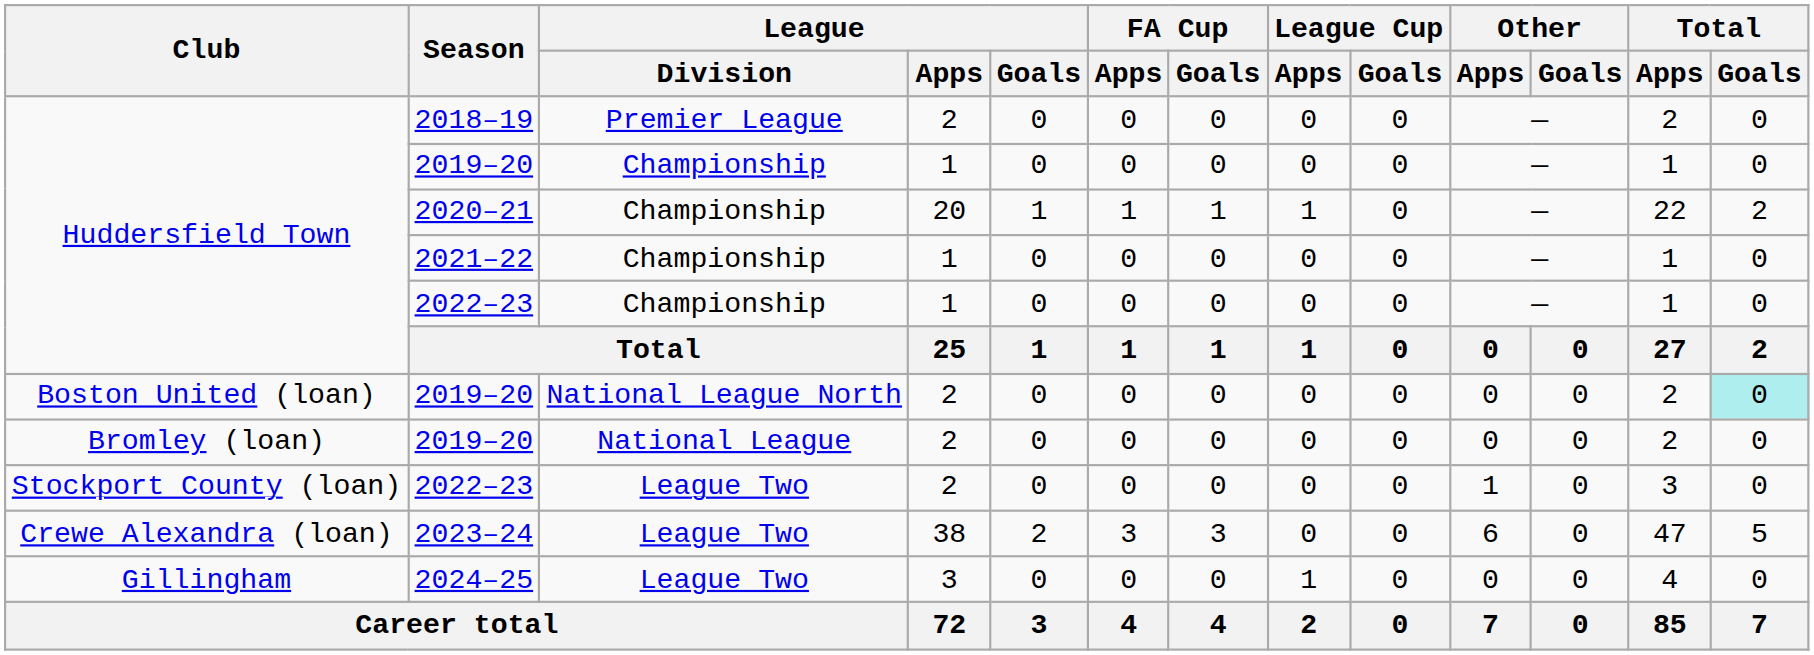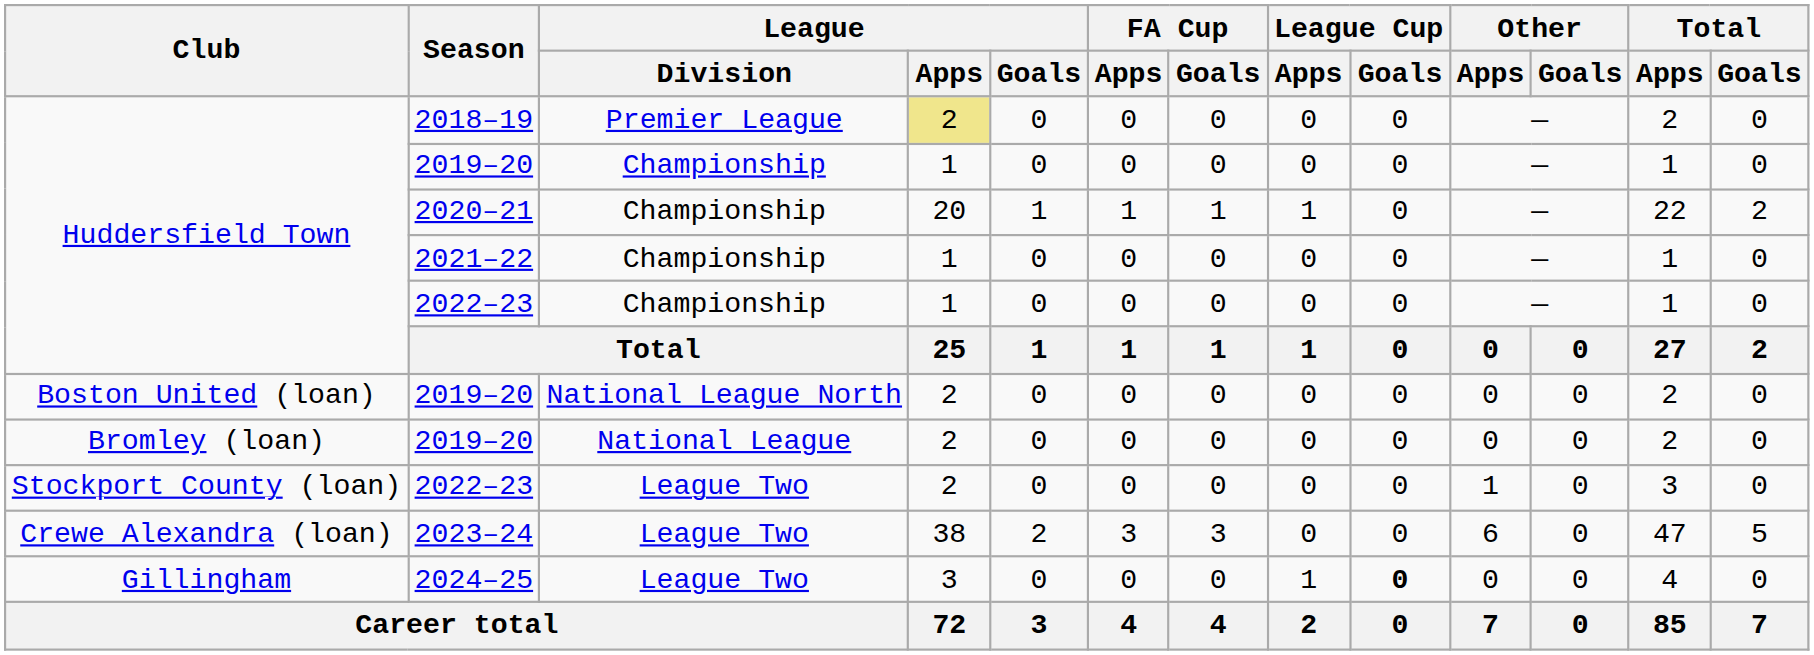 <table class="wikitable" style="text-align: center;">
 <tr>
 <th rowspan="2">Club</th>
 <th rowspan="2">Season</th>
 <th colspan="3">League</th>
 <th colspan="2">FA Cup</th>
 <th colspan="2">League Cup</th>
 <th colspan="2">Other</th>
 <th colspan="2">Total</th>
 </tr>
 <tr>
 <th>Division</th>
 <th>Apps</th>
 <th>Goals</th>
 <th>Apps</th>
 <th>Goals</th>
 <th>Apps</th>
 <th>Goals</th>
 <th>Apps</th>
 <th>Goals</th>
 <th>Apps</th>
 <th>Goals</th>
 </tr>
 <tr>
 <td rowspan=6><a href='#'>Huddersfield Town</a></td>
 <td><a href='#'>2018–19</a></td>
 <td><a href='#'>Premier League</a></td>
-<td>2</td>
+<td style="background: khaki;">2</td>
 <td>0</td>
 <td>0</td>
 <td>0</td>
 <td>0</td>
 <td>0</td>
 <td colspan="2">—</td>
 <td>2</td>
 <td>0</td>
 </tr>
 <tr>
 <td><a href='#'>2019–20</a></td>
 <td><a href='#'>Championship</a></td>
 <td>1</td>
 <td>0</td>
 <td>0</td>
 <td>0</td>
 <td>0</td>
 <td>0</td>
 <td colspan="2">—</td>
 <td>1</td>
 <td>0</td>
 </tr>
 <tr>
 <td><a href='#'>2020–21</a></td>
 <td>Championship</td>
 <td>20</td>
 <td>1</td>
 <td>1</td>
 <td>1</td>
 <td>1</td>
 <td>0</td>
 <td colspan="2">—</td>
 <td>22</td>
 <td>2</td>
 </tr>
 <tr>
 <td><a href='#'>2021–22</a></td>
 <td>Championship</td>
 <td>1</td>
 <td>0</td>
 <td>0</td>
 <td>0</td>
 <td>0</td>
 <td>0</td>
 <td colspan="2">—</td>
 <td>1</td>
 <td>0</td>
 </tr>
 <tr>
 <td><a href='#'>2022–23</a></td>
 <td>Championship</td>
 <td>1</td>
 <td>0</td>
 <td>0</td>
 <td>0</td>
 <td>0</td>
 <td>0</td>
 <td colspan="2">—</td>
 <td>1</td>
 <td>0</td>
 </tr>
 <tr>
 <th colspan=2>Total</th>
 <th>25</th>
 <th>1</th>
 <th>1</th>
 <th>1</th>
 <th>1</th>
 <th>0</th>
 <th>0</th>
 <th>0</th>
 <th>27</th>
 <th>2</th>
 </tr>
 <tr>
 <td><a href='#'>Boston United</a> (loan)</td>
 <td><a href='#'>2019–20</a></td>
 <td><a href='#'>National League North</a></td>
 <td>2</td>
 <td>0</td>
 <td>0</td>
 <td>0</td>
 <td>0</td>
 <td>0</td>
 <td>0</td>
 <td>0</td>
 <td>2</td>
-<td style="background: paleturquoise;">0</td>
+<td>0</td>
 </tr>
 <tr>
 <td><a href='#'>Bromley</a> (loan)</td>
 <td><a href='#'>2019–20</a></td>
 <td><a href='#'>National League</a></td>
 <td>2</td>
 <td>0</td>
 <td>0</td>
 <td>0</td>
 <td>0</td>
 <td>0</td>
 <td>0</td>
 <td>0</td>
 <td>2</td>
 <td>0</td>
 </tr>
 <tr>
 <td><a href='#'>Stockport County</a> (loan)</td>
 <td><a href='#'>2022–23</a></td>
 <td><a href='#'>League Two</a></td>
 <td>2</td>
 <td>0</td>
 <td>0</td>
 <td>0</td>
 <td>0</td>
 <td>0</td>
 <td>1</td>
 <td>0</td>
 <td>3</td>
 <td>0</td>
 </tr>
 <tr>
 <td><a href='#'>Crewe Alexandra</a> (loan)</td>
 <td><a href='#'>2023–24</a></td>
 <td><a href='#'>League Two</a></td>
 <td>38</td>
 <td>2</td>
 <td>3</td>
 <td>3</td>
 <td>0</td>
 <td>0</td>
 <td>6</td>
 <td>0</td>
 <td>47</td>
 <td>5</td>
 </tr>
 <tr>
 <td><a href='#'>Gillingham</a></td>
 <td><a href='#'>2024–25</a></td>
 <td><a href='#'>League Two</a></td>
 <td>3</td>
 <td>0</td>
 <td>0</td>
 <td>0</td>
 <td>1</td>
-<td>0</td>
+<td><strong>0</strong></td>
 <td>0</td>
 <td>0</td>
 <td>4</td>
 <td>0</td>
 </tr>
 <tr>
 <th colspan="3">Career total</th>
 <th>72</th>
 <th>3</th>
 <th>4</th>
 <th>4</th>
 <th>2</th>
 <th>0</th>
 <th>7</th>
 <th>0</th>
 <th>85</th>
 <th>7</th>
 </tr>
 </table>
